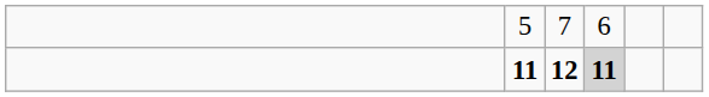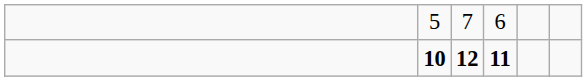 <table class="wikitable">
 <tr>
 <td style="width:18em"></td>
 <td align=center style="width:1em">5</td>
 <td align=center style="width:1em">7</td>
 <td align=center style="width:1em">6</td>
 <td align=center style="width:1em"></td>
 <td align=center style="width:1em"></td>
 </tr>
 <tr>
 <td style="width:18em"></td>
+<td align=center style="width:1em"><strong>10</strong></td>
+<td align=center style="width:1em"><strong>12</strong></td>
 <td align=center style="width:1em"><strong>11</strong></td>
-<td align=center style="width:1em"><strong>12</strong></td>
-<td align=center style="background: lightgrey; width:1em"><strong>11</strong></td>
 <td align=center style="width:1em"></td>
 <td align=center style="width:1em"></td>
 </tr>
 </table>
